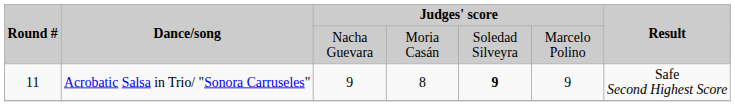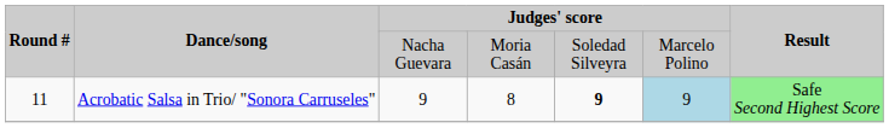 <table class="wikitable">
 <tr style="text-align:Center; background:#ccc;">
 <td rowspan="2"><strong>Round #</strong></td>
 <td rowspan="2"><strong>Dance/song</strong></td>
 <td colspan="4"><strong>Judges' score</strong></td>
 <td rowspan="2"><strong>Result</strong></td>
 </tr>
 <tr style="text-align:center; background:#ccc;">
 <td style="width:10%; ">Nacha<br>Guevara</td>
 <td style="width:10%; ">Moria<br>Casán</td>
 <td style="width:10%; ">Soledad<br>Silveyra</td>
 <td style="width:10%; ">Marcelo<br>Polino</td>
 </tr>
 <tr>
 <td style="text-align:center;">11</td>
 <td style="text-align:center;"><a href='#'>Acrobatic</a> <a href='#'>Salsa</a> in Trio/ "<a href='#'>Sonora Carruseles</a>"</td>
 <td style="text-align:center;">9</td>
 <td style="text-align:center;">8</td>
 <td style="text-align:center;"><strong>9</strong></td>
-<td style="text-align:center;">9</td>
-<td style="text-align:center;">Safe<br><em>Second Highest Score</em></td>
+<td style="background: lightblue; text-align:center;">9</td>
+<td style="background: lightgreen; text-align:center;">Safe<br><em>Second Highest Score</em></td>
 </tr>
 <tr>
 </tr>
 </table>
